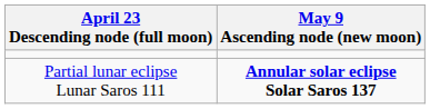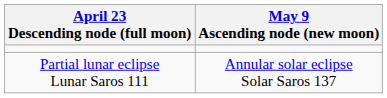 <table class="wikitable">
 <tr>
 <th><a href='#'>April 23</a><br>Descending node (full moon)</th>
 <th><a href='#'>May 9</a><br>Ascending node (new moon)</th>
 </tr>
 <tr>
 <td></td>
 <td></td>
 </tr>
 <tr align=center>
 <td><a href='#'>Partial lunar eclipse</a><br>Lunar Saros 111</td>
-<td><strong><a href='#'>Annular solar eclipse</a><br>Solar Saros 137</strong></td>
+<td><a href='#'>Annular solar eclipse</a><br>Solar Saros 137</td>
 </tr>
 </table>
